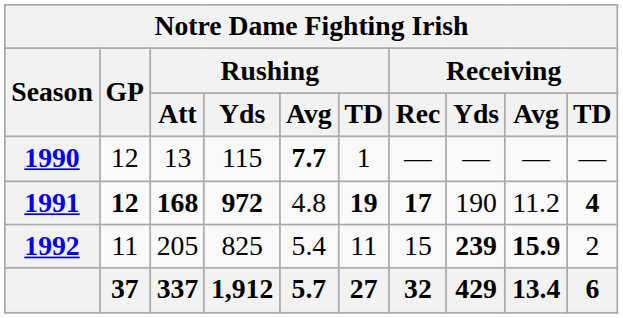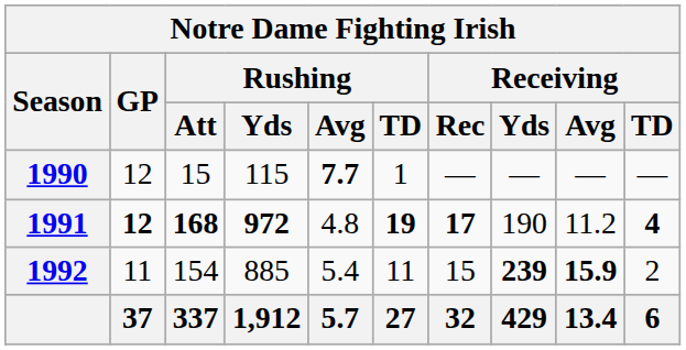 <table class="wikitable" style="text-align:center;">
 <tr>
 <th colspan="15">Notre Dame Fighting Irish</th>
 </tr>
 <tr>
 <th rowspan="2">Season</th>
 <th rowspan="2">GP</th>
 <th colspan="4">Rushing</th>
 <th colspan="4">Receiving</th>
 </tr>
 <tr>
 <th>Att</th>
 <th>Yds</th>
 <th>Avg</th>
 <th>TD</th>
 <th>Rec</th>
 <th>Yds</th>
 <th>Avg</th>
 <th>TD</th>
 </tr>
 <tr>
 <th><a href='#'>1990</a></th>
 <td>12</td>
-<td>13</td>
+<td>15</td>
 <td>115</td>
 <td><strong>7.7</strong></td>
 <td>1</td>
 <td>—</td>
 <td>—</td>
 <td>—</td>
 <td>—</td>
 </tr>
 <tr>
 <th><a href='#'>1991</a></th>
 <td><strong>12</strong></td>
 <td><strong>168</strong></td>
 <td><strong>972</strong></td>
 <td>4.8</td>
 <td><strong>19</strong></td>
 <td><strong>17</strong></td>
 <td>190</td>
 <td>11.2</td>
 <td><strong>4</strong></td>
 </tr>
 <tr>
 <th><a href='#'>1992</a></th>
 <td>11</td>
-<td>205</td>
-<td>825</td>
+<td>154</td>
+<td>885</td>
 <td>5.4</td>
 <td>11</td>
 <td>15</td>
 <td><strong>239</strong></td>
 <td><strong>15.9</strong></td>
 <td>2</td>
 </tr>
 <tr>
 <th></th>
 <th>37</th>
 <th>337</th>
 <th>1,912</th>
 <th>5.7</th>
 <th>27</th>
 <th>32</th>
 <th>429</th>
 <th>13.4</th>
 <th>6</th>
 </tr>
 </table>
